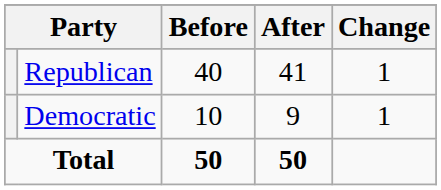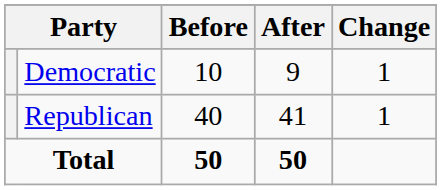 <table class="wikitable" style="text-align:center;">
 <tr>
 </tr>
 <tr>
 <th colspan=2>Party</th>
 <th>Before</th>
 <th>After</th>
 <th>Change</th>
 </tr>
 <tr>
 <th style="background-color:"></th>
-<td style="text-align:left;"><a href='#'>Republican</a></td>
-<td>40</td>
-<td>41</td>
+<td style="text-align:left;"><a href='#'>Democratic</a></td>
+<td>10</td>
+<td>9</td>
 <td> 1</td>
 </tr>
 <tr>
 <th style="background-color:"></th>
-<td style="text-align:left;"><a href='#'>Democratic</a></td>
-<td>10</td>
-<td>9</td>
+<td style="text-align:left;"><a href='#'>Republican</a></td>
+<td>40</td>
+<td>41</td>
 <td> 1</td>
 </tr>
 <tr>
 <td colspan=2><strong>Total</strong></td>
 <td><strong>50</strong></td>
 <td><strong>50</strong></td>
 <td></td>
 </tr>
 </table>
